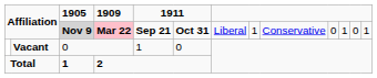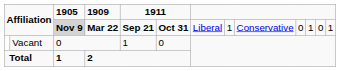 <table class="wikitable">
 <tr>
 <td colspan="2" rowspan="2" align="left"><strong>Affiliation</strong></td>
 <td valign="top"><strong>1905</strong></td>
 <td valign="top"><strong>1909</strong></td>
 <td colspan=2 align=center><strong>1911</strong></td>
 </tr>
 <tr>
 <td style="background: lightgrey;"><strong>Nov 9</strong></td>
-<td style="background: pink;"><strong>Mar 22</strong></td>
+<td><strong>Mar 22</strong></td>
 <td><strong>Sep 21</strong></td>
 <td><strong>Oct 31</strong><br></td>
 <td><a href='#'>Liberal</a></td>
 <td colspan=4>1<br></td>
 <td><a href='#'>Conservative</a></td>
 <td>0</td>
 <td>1</td>
 <td>0</td>
 <td>1</td>
 </tr>
 <tr>
 <td bgcolor=white></td>
-<td><strong>Vacant</strong></td>
+<td>Vacant</td>
 <td colspan=2>0</td>
 <td>1</td>
 <td>0</td>
 </tr>
 <tr>
 <td colspan="2" rowspan="1"> <strong>Total</strong><br></td>
 <td><strong>1</strong></td>
 <td colspan=3><strong>2</strong></td>
 </tr>
 </table>
